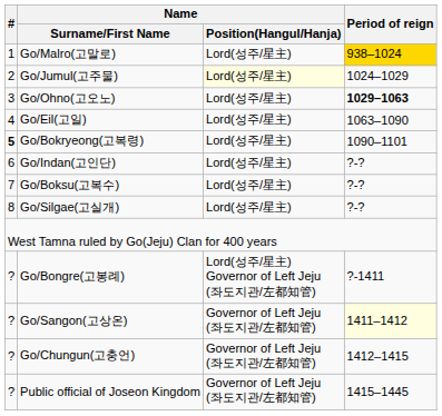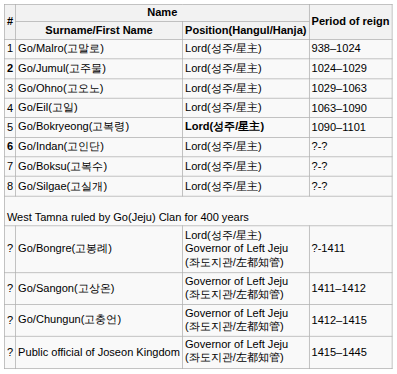 <table class="wikitable">
 <tr>
 <th rowspan="2">#</th>
 <th colspan="2">Name</th>
 <th rowspan="2">Period of reign</th>
 </tr>
 <tr>
 <th>Surname/First Name</th>
 <th>Position(Hangul/Hanja)</th>
 </tr>
 <tr>
 <td>1</td>
 <td>Go/Malro(고말로)</td>
 <td>Lord(성주/星主)</td>
-<td style="background: gold;">938–1024</td>
+<td>938–1024</td>
 </tr>
 <tr>
-<td>2</td>
+<td><strong>2</strong></td>
 <td>Go/Jumul(고주물)</td>
-<td style="background: lightyellow;">Lord(성주/星主)</td>
+<td>Lord(성주/星主)</td>
 <td>1024–1029</td>
 </tr>
 <tr>
 <td>3</td>
 <td>Go/Ohno(고오노)</td>
 <td>Lord(성주/星主)</td>
-<td><strong>1029–1063</strong></td>
+<td>1029–1063</td>
 </tr>
 <tr>
 <td>4</td>
 <td>Go/Eil(고일)</td>
 <td>Lord(성주/星主)</td>
 <td>1063–1090</td>
 </tr>
 <tr>
-<td><strong>5</strong></td>
+<td>5</td>
 <td>Go/Bokryeong(고복령)</td>
-<td>Lord(성주/星主)</td>
+<td><strong>Lord(성주/星主)</strong></td>
 <td>1090–1101</td>
 </tr>
 <tr>
-<td>6</td>
+<td><strong>6</strong></td>
 <td>Go/Indan(고인단)</td>
 <td>Lord(성주/星主)</td>
 <td>?-?</td>
 </tr>
 <tr>
 <td>7</td>
 <td>Go/Boksu(고복수)</td>
 <td>Lord(성주/星主)</td>
 <td>?-?</td>
 </tr>
 <tr>
 <td>8</td>
 <td>Go/Silgae(고실개)</td>
 <td>Lord(성주/星主)</td>
 <td>?-?</td>
 </tr>
 <tr>
 <td colspan="4"><br>West Tamna ruled by Go(Jeju) Clan for 400 years</td>
 </tr>
 <tr>
 <td>?</td>
 <td>Go/Bongre(고봉례)</td>
 <td>Lord(성주/星主)<br>Governor of Left Jeju<br>(좌도지관/左都知管)</td>
 <td>?-1411</td>
 </tr>
 <tr>
 <td>?</td>
 <td>Go/Sangon(고상온)</td>
 <td>Governor of Left Jeju<br>(좌도지관/左都知管)</td>
-<td style="background: lightyellow;">1411–1412</td>
+<td>1411–1412</td>
 </tr>
 <tr>
 <td>?</td>
 <td>Go/Chungun(고충언)</td>
 <td>Governor of Left Jeju<br>(좌도지관/左都知管)</td>
 <td>1412–1415</td>
 </tr>
 <tr>
 <td>?</td>
 <td>Public official of Joseon Kingdom</td>
 <td>Governor of Left Jeju<br>(좌도지관/左都知管)</td>
 <td>1415–1445</td>
 </tr>
 </table>
